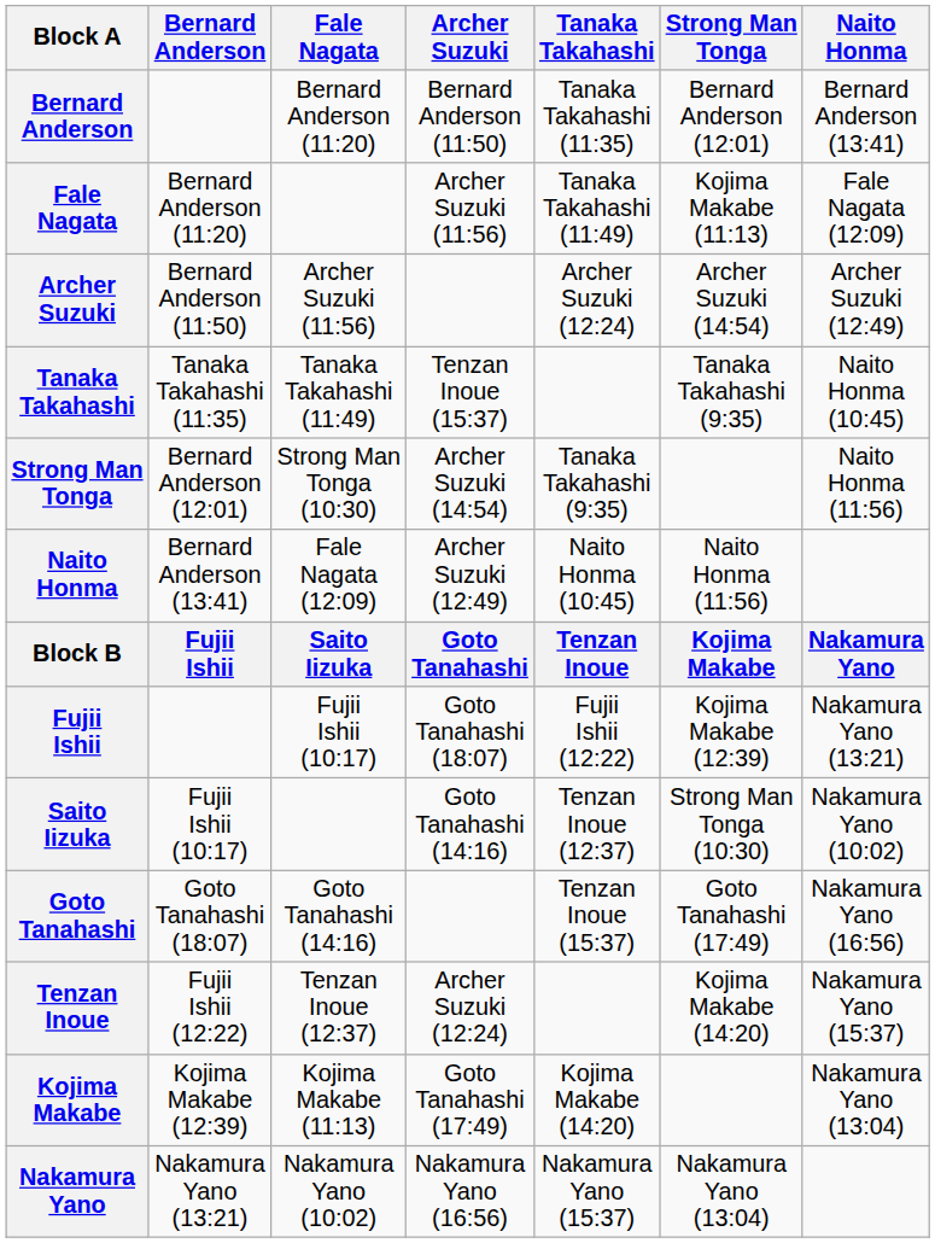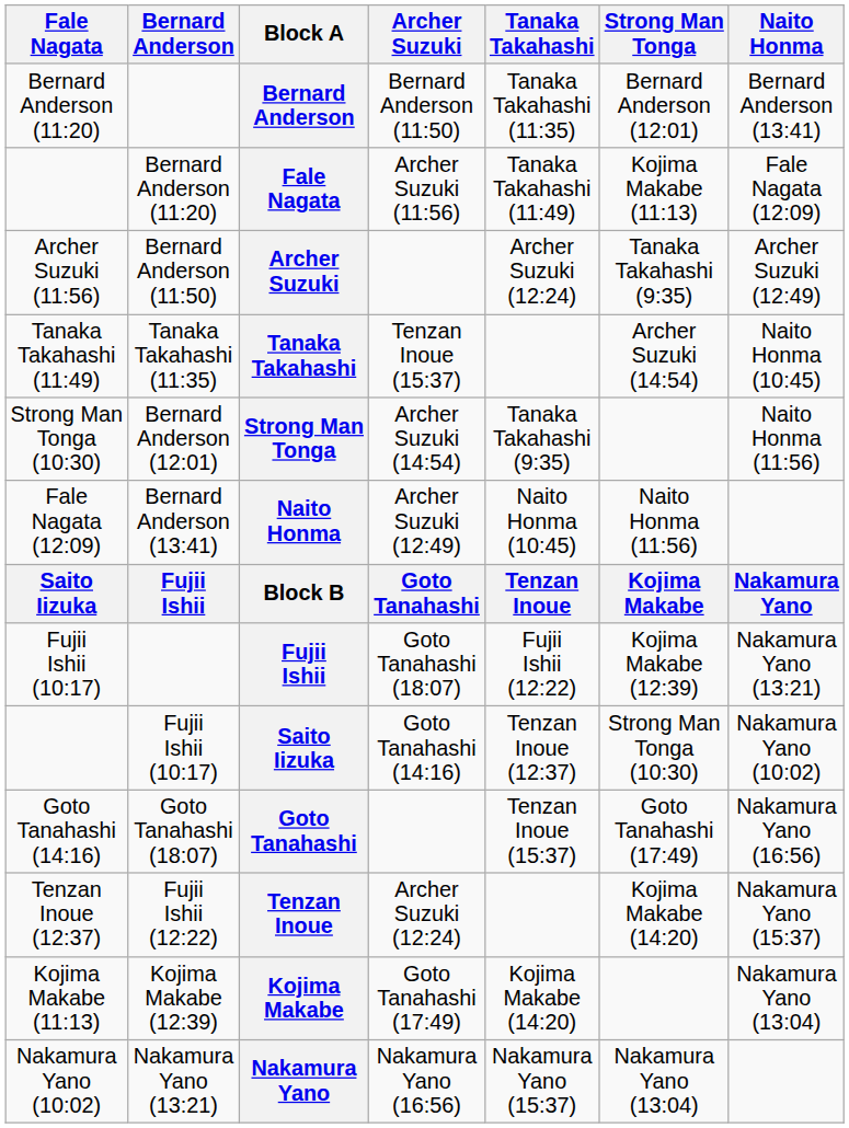 <table class="wikitable" style="text-align:center; margin: 1em auto 1em auto">
 <tr align="center">
+<th><a href='#'>Fale</a><br><a href='#'>Nagata</a></th>
+<th><a href='#'>Bernard</a><br><a href='#'>Anderson</a></th>
 <th>Block A</th>
-<th><a href='#'>Bernard</a><br><a href='#'>Anderson</a></th>
-<th><a href='#'>Fale</a><br><a href='#'>Nagata</a></th>
 <th><a href='#'>Archer</a><br><a href='#'>Suzuki</a></th>
 <th><a href='#'>Tanaka</a><br><a href='#'>Takahashi</a></th>
 <th><a href='#'>Strong Man</a><br> <a href='#'>Tonga</a></th>
 <th><a href='#'>Naito</a><br><a href='#'>Honma</a></th>
 </tr>
 <tr align="center">
+<td>Bernard<br>Anderson<br>(11:20)</td>
+<td></td>
 <th><a href='#'>Bernard</a><br><a href='#'>Anderson</a></th>
-<td></td>
-<td>Bernard<br>Anderson<br>(11:20)</td>
 <td>Bernard<br>Anderson<br>(11:50)</td>
 <td>Tanaka<br>Takahashi<br>(11:35)</td>
 <td>Bernard<br>Anderson<br>(12:01)</td>
 <td>Bernard<br>Anderson<br>(13:41)</td>
 </tr>
 <tr align="center">
+<td></td>
+<td>Bernard<br>Anderson<br>(11:20)</td>
 <th><a href='#'>Fale</a><br><a href='#'>Nagata</a></th>
-<td>Bernard<br>Anderson<br>(11:20)</td>
-<td></td>
 <td>Archer<br>Suzuki<br>(11:56)</td>
 <td>Tanaka<br>Takahashi<br>(11:49)</td>
 <td>Kojima<br>Makabe<br>(11:13)</td>
 <td>Fale<br>Nagata<br>(12:09)</td>
 </tr>
 <tr align="center">
+<td>Archer<br>Suzuki<br>(11:56)</td>
+<td>Bernard<br>Anderson<br>(11:50)</td>
 <th><a href='#'>Archer</a><br><a href='#'>Suzuki</a></th>
-<td>Bernard<br>Anderson<br>(11:50)</td>
-<td>Archer<br>Suzuki<br>(11:56)</td>
 <td></td>
 <td>Archer<br>Suzuki<br>(12:24)</td>
-<td>Archer<br>Suzuki<br>(14:54)</td>
+<td>Tanaka<br>Takahashi<br>(9:35)</td>
 <td>Archer<br>Suzuki<br>(12:49)</td>
 </tr>
 <tr align="center">
+<td>Tanaka<br>Takahashi<br>(11:49)</td>
+<td>Tanaka<br>Takahashi<br>(11:35)</td>
 <th><a href='#'>Tanaka</a><br><a href='#'>Takahashi</a></th>
-<td>Tanaka<br>Takahashi<br>(11:35)</td>
-<td>Tanaka<br>Takahashi<br>(11:49)</td>
 <td>Tenzan<br>Inoue<br>(15:37)</td>
 <td></td>
-<td>Tanaka<br>Takahashi<br>(9:35)</td>
+<td>Archer<br>Suzuki<br>(14:54)</td>
 <td>Naito<br>Honma<br>(10:45)</td>
 </tr>
 <tr align="center">
+<td>Strong Man<br>Tonga<br>(10:30)</td>
+<td>Bernard<br>Anderson<br>(12:01)</td>
 <th><a href='#'>Strong Man</a><br><a href='#'>Tonga</a></th>
-<td>Bernard<br>Anderson<br>(12:01)</td>
-<td>Strong Man<br>Tonga<br>(10:30)</td>
 <td>Archer<br>Suzuki<br>(14:54)</td>
 <td>Tanaka<br>Takahashi<br>(9:35)</td>
 <td></td>
 <td>Naito<br>Honma<br>(11:56)</td>
 </tr>
 <tr align="center">
+<td>Fale<br>Nagata<br>(12:09)</td>
+<td>Bernard<br>Anderson<br>(13:41)</td>
 <th><a href='#'>Naito</a><br><a href='#'>Honma</a></th>
-<td>Bernard<br>Anderson<br>(13:41)</td>
-<td>Fale<br>Nagata<br>(12:09)</td>
 <td>Archer<br>Suzuki<br>(12:49)</td>
 <td>Naito<br>Honma<br>(10:45)</td>
 <td>Naito<br>Honma<br>(11:56)</td>
 <td></td>
 </tr>
 <tr align="center">
+<th><a href='#'>Saito</a><br><a href='#'>Iizuka</a></th>
+<th><a href='#'>Fujii</a><br><a href='#'>Ishii</a></th>
 <th>Block B</th>
-<th><a href='#'>Fujii</a><br><a href='#'>Ishii</a></th>
-<th><a href='#'>Saito</a><br><a href='#'>Iizuka</a></th>
 <th><a href='#'>Goto</a><br><a href='#'>Tanahashi</a></th>
 <th><a href='#'>Tenzan</a><br><a href='#'>Inoue</a></th>
 <th><a href='#'>Kojima</a><br><a href='#'>Makabe</a></th>
 <th><a href='#'>Nakamura</a><br><a href='#'>Yano</a></th>
 </tr>
 <tr align="center">
+<td>Fujii<br>Ishii<br>(10:17)</td>
+<td></td>
 <th><a href='#'>Fujii</a><br><a href='#'>Ishii</a></th>
-<td></td>
-<td>Fujii<br>Ishii<br>(10:17)</td>
 <td>Goto<br>Tanahashi<br>(18:07)</td>
 <td>Fujii<br>Ishii<br>(12:22)</td>
 <td>Kojima<br>Makabe<br>(12:39)</td>
 <td>Nakamura<br>Yano<br>(13:21)</td>
 </tr>
 <tr align="center">
+<td></td>
+<td>Fujii<br>Ishii<br>(10:17)</td>
 <th><a href='#'>Saito</a><br><a href='#'>Iizuka</a></th>
-<td>Fujii<br>Ishii<br>(10:17)</td>
-<td></td>
 <td>Goto<br>Tanahashi<br>(14:16)</td>
 <td>Tenzan<br>Inoue<br>(12:37)</td>
 <td>Strong Man<br>Tonga<br>(10:30)</td>
 <td>Nakamura<br>Yano<br>(10:02)</td>
 </tr>
 <tr align="center">
+<td>Goto<br>Tanahashi<br>(14:16)</td>
+<td>Goto<br>Tanahashi<br>(18:07)</td>
 <th><a href='#'>Goto</a><br><a href='#'>Tanahashi</a></th>
-<td>Goto<br>Tanahashi<br>(18:07)</td>
-<td>Goto<br>Tanahashi<br>(14:16)</td>
 <td></td>
 <td>Tenzan<br>Inoue<br>(15:37)</td>
 <td>Goto<br>Tanahashi<br>(17:49)</td>
 <td>Nakamura<br>Yano<br>(16:56)</td>
 </tr>
 <tr align="center">
+<td>Tenzan<br>Inoue<br>(12:37)</td>
+<td>Fujii<br>Ishii<br>(12:22)</td>
 <th><a href='#'>Tenzan</a><br><a href='#'>Inoue</a></th>
-<td>Fujii<br>Ishii<br>(12:22)</td>
-<td>Tenzan<br>Inoue<br>(12:37)</td>
 <td>Archer<br>Suzuki<br>(12:24)</td>
 <td></td>
 <td>Kojima<br>Makabe<br>(14:20)</td>
 <td>Nakamura<br>Yano<br>(15:37)</td>
 </tr>
 <tr align="center">
+<td>Kojima<br>Makabe<br>(11:13)</td>
+<td>Kojima<br>Makabe<br>(12:39)</td>
 <th><a href='#'>Kojima</a><br><a href='#'>Makabe</a></th>
-<td>Kojima<br>Makabe<br>(12:39)</td>
-<td>Kojima<br>Makabe<br>(11:13)</td>
 <td>Goto<br>Tanahashi<br>(17:49)</td>
 <td>Kojima<br>Makabe<br>(14:20)</td>
 <td></td>
 <td>Nakamura<br>Yano<br>(13:04)</td>
 </tr>
 <tr align="center">
+<td>Nakamura<br>Yano<br>(10:02)</td>
+<td>Nakamura<br>Yano<br>(13:21)</td>
 <th><a href='#'>Nakamura</a><br><a href='#'>Yano</a></th>
-<td>Nakamura<br>Yano<br>(13:21)</td>
-<td>Nakamura<br>Yano<br>(10:02)</td>
 <td>Nakamura<br>Yano<br>(16:56)</td>
 <td>Nakamura<br>Yano<br>(15:37)</td>
 <td>Nakamura<br>Yano<br>(13:04)</td>
 <td></td>
 </tr>
 </table>
